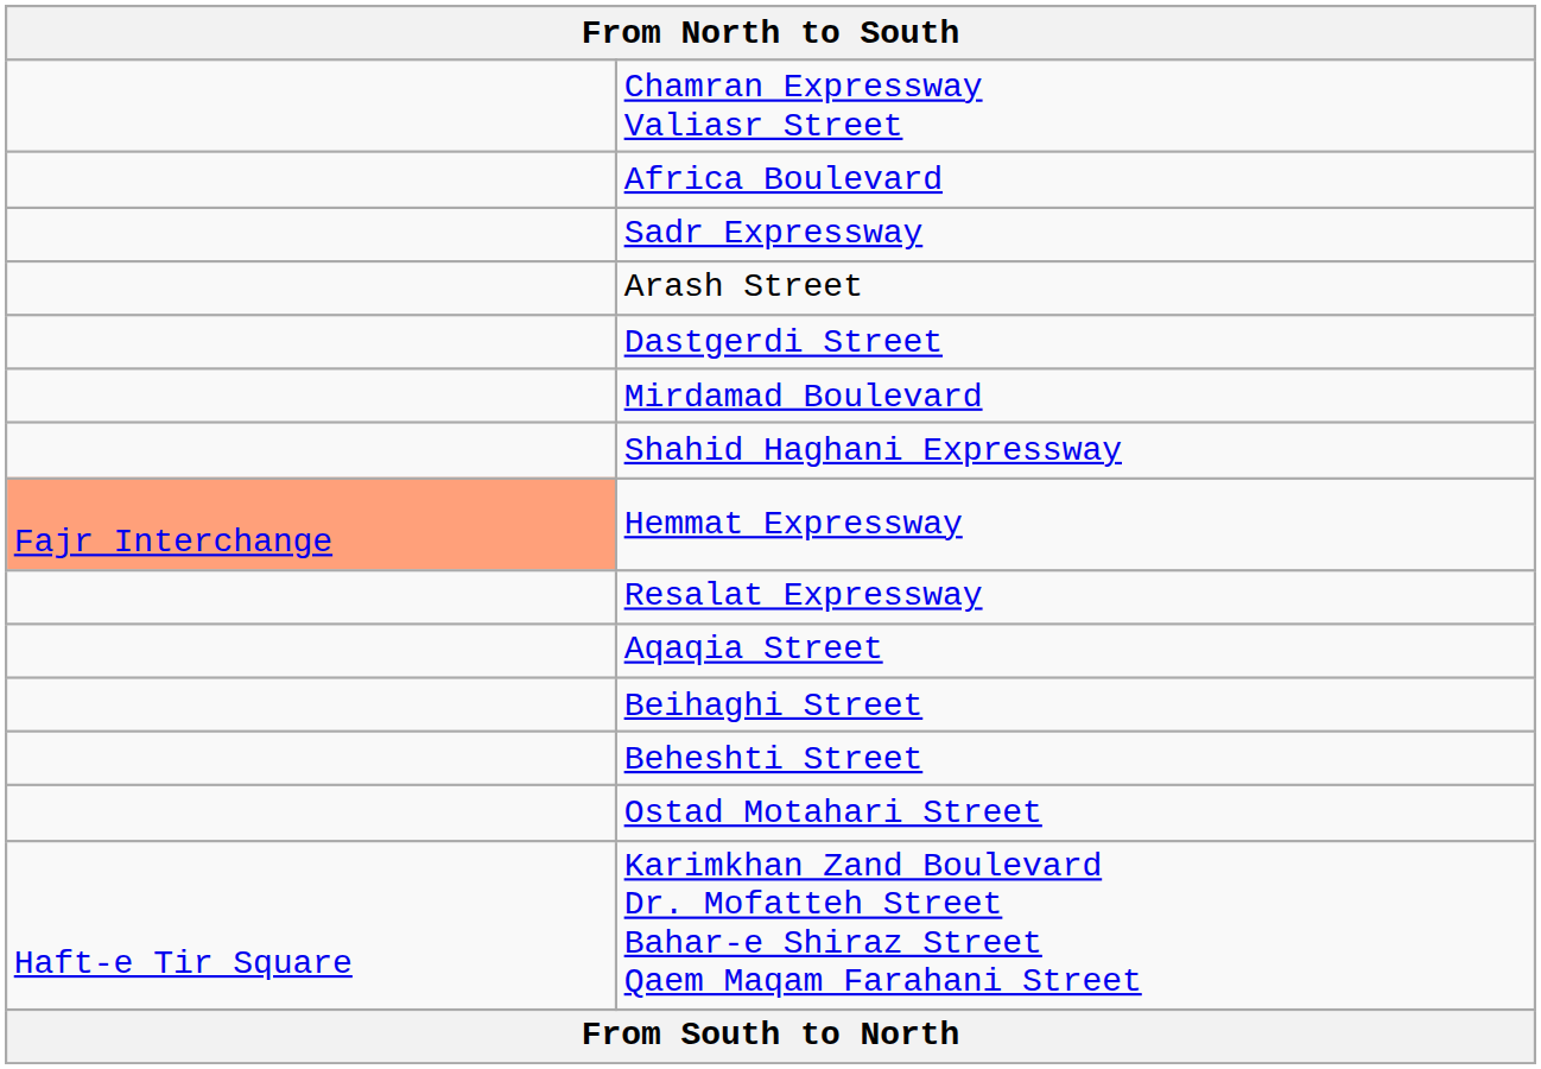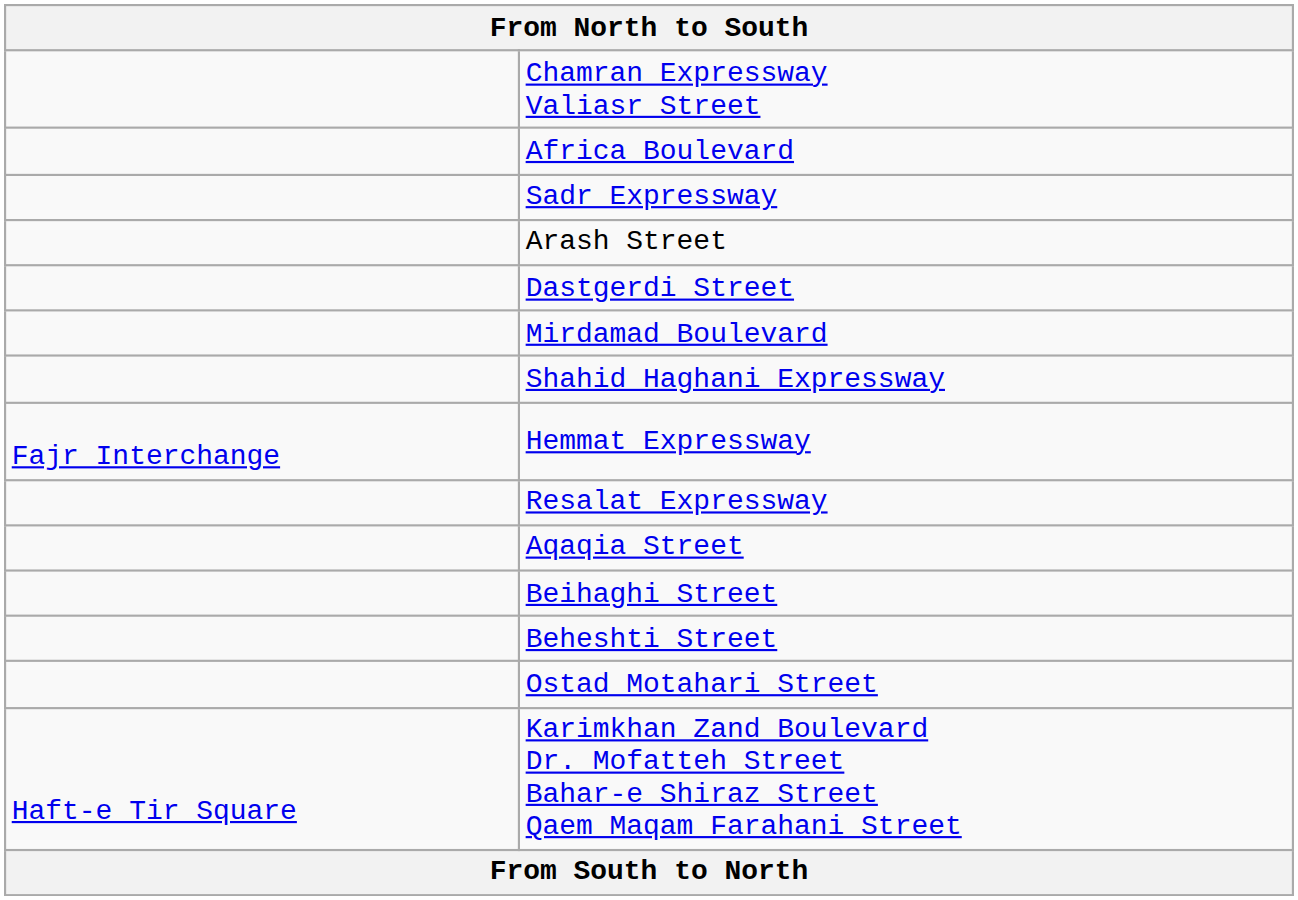 <table class="wikitable" style="text-align:left" width="600px">
 <tr>
 <th text-align="left" colspan="3"> From North to South </th>
 </tr>
 <tr>
 <td><br></td>
 <td> <a href='#'>Chamran Expressway</a><br> <a href='#'>Valiasr Street</a></td>
 </tr>
 <tr>
 <td></td>
 <td> <a href='#'>Africa Boulevard</a></td>
 </tr>
 <tr>
 <td></td>
 <td> <a href='#'>Sadr Expressway</a></td>
 </tr>
 <tr>
 <td></td>
 <td> Arash Street</td>
 </tr>
 <tr>
 <td></td>
 <td> <a href='#'>Dastgerdi Street</a></td>
 </tr>
 <tr>
 <td></td>
 <td> <a href='#'>Mirdamad Boulevard</a></td>
 </tr>
 <tr>
 <td></td>
 <td> <a href='#'>Shahid Haghani Expressway</a></td>
 </tr>
 <tr>
-<td style="background: lightsalmon;"><br><a href='#'>Fajr Interchange</a></td>
+<td><br><a href='#'>Fajr Interchange</a></td>
 <td> <a href='#'>Hemmat Expressway</a></td>
 </tr>
 <tr>
 <td></td>
 <td> <a href='#'>Resalat Expressway</a></td>
 </tr>
 <tr>
 <td></td>
 <td> <a href='#'>Aqaqia Street</a></td>
 </tr>
 <tr>
 <td></td>
 <td> <a href='#'>Beihaghi Street</a></td>
 </tr>
 <tr>
 <td></td>
 <td> <a href='#'>Beheshti Street</a></td>
 </tr>
 <tr>
 <td></td>
 <td> <a href='#'>Ostad Motahari Street</a></td>
 </tr>
 <tr>
 <td><br><br><a href='#'>Haft-e Tir Square</a></td>
 <td> <a href='#'>Karimkhan Zand Boulevard</a><br> <a href='#'>Dr. Mofatteh Street</a><br> <a href='#'>Bahar-e Shiraz Street</a><br> <a href='#'>Qaem Maqam Farahani Street</a></td>
 </tr>
 <tr>
 <th text-align="left" colspan="3"> From South to North </th>
 </tr>
 </table>
